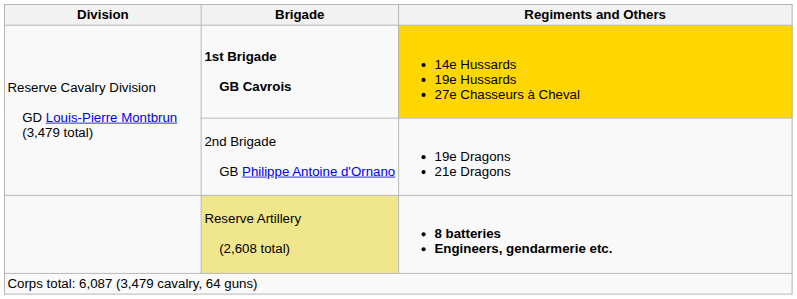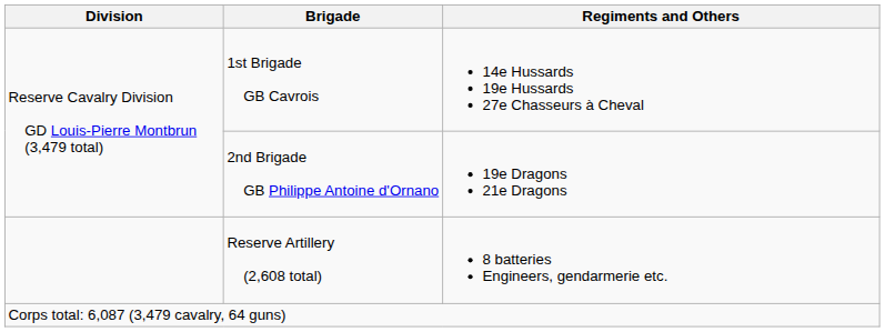 <table class="wikitable">
 <tr>
 <th style="width:25%;">Division</th>
 <th style="width:25%;">Brigade</th>
 <th>Regiments and Others</th>
 </tr>
 <tr>
 <td rowspan=2>Reserve Cavalry Division<br><br>    GD <a href='#'>Louis-Pierre Montbrun</a> <br>    (3,479 total)</td>
-<td><strong>1st Brigade<br><br>    GB Cavrois</strong></td>
-<td style="background: gold;"><br><ul><li>14e Hussards</li><li>19e Hussards</li><li>27e Chasseurs à Cheval</li></ul></td>
+<td>1st Brigade<br><br>    GB Cavrois</td>
+<td><br><ul><li>14e Hussards</li><li>19e Hussards</li><li>27e Chasseurs à Cheval</li></ul></td>
 </tr>
 <tr>
 <td>2nd Brigade<br><br>    GB <a href='#'>Philippe Antoine d'Ornano</a></td>
 <td><br><ul><li>19e Dragons</li><li>21e Dragons</li></ul></td>
 </tr>
 <tr>
 <td></td>
-<td style="background: khaki;">Reserve Artillery<br><br>    (2,608 total)</td>
-<td><strong><br><ul><li>8 batteries</li><li>Engineers, gendarmerie etc.</li></ul></strong></td>
+<td>Reserve Artillery<br><br>    (2,608 total)</td>
+<td><br><ul><li>8 batteries</li><li>Engineers, gendarmerie etc.</li></ul></td>
 </tr>
 <tr>
 <td colspan=3>Corps total: 6,087 (3,479 cavalry, 64 guns)</td>
 </tr>
 </table>
